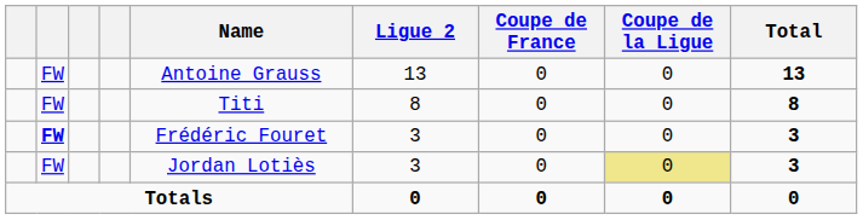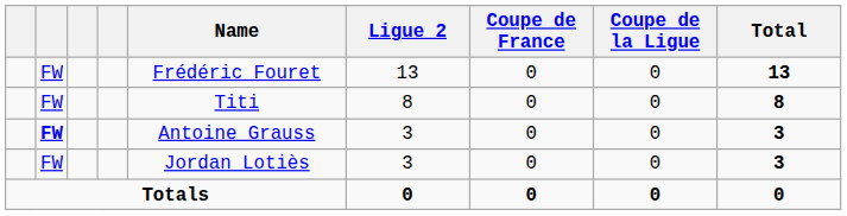 <table class="wikitable" style="text-align:center">
 <tr>
 <th width=15></th>
 <th width=15></th>
 <th width=15></th>
 <th width=15></th>
 <th width=145>Name</th>
 <th width=80><strong><a href='#'>Ligue 2</a></strong></th>
 <th width=80><strong><a href='#'>Coupe de France</a></strong></th>
 <th width=80><strong><a href='#'>Coupe de la Ligue</a></strong></th>
 <th width=80>Total</th>
 </tr>
 <tr>
 <td rowspan=1></td>
 <td align=center><a href='#'>FW</a></td>
 <td align=center></td>
 <td></td>
-<td><a href='#'>Antoine Grauss</a></td>
+<td><a href='#'>Frédéric Fouret</a></td>
 <td>13</td>
 <td>0</td>
 <td>0</td>
 <td><strong>13</strong></td>
 </tr>
 <tr>
 <td rowspan=1></td>
 <td align=center><a href='#'>FW</a></td>
 <td align=center></td>
 <td></td>
 <td><a href='#'>Titi</a></td>
 <td>8</td>
 <td>0</td>
 <td>0</td>
 <td><strong>8</strong></td>
 </tr>
 <tr>
 <td rowspan=1></td>
 <td align=center><strong><a href='#'>FW</a></strong></td>
 <td align=center></td>
 <td></td>
-<td><a href='#'>Frédéric Fouret</a></td>
+<td><a href='#'>Antoine Grauss</a></td>
 <td>3</td>
 <td>0</td>
 <td>0</td>
 <td><strong>3</strong></td>
 </tr>
 <tr>
 <td rowspan=1></td>
 <td align=center><a href='#'>FW</a></td>
 <td align=center></td>
 <td></td>
 <td><a href='#'>Jordan Lotiès</a></td>
 <td>3</td>
 <td>0</td>
-<td style="background: khaki;">0</td>
+<td>0</td>
 <td><strong>3</strong></td>
 </tr>
 <tr>
 <td colspan=5><strong>Totals</strong></td>
 <td><strong>0</strong></td>
 <td><strong>0</strong></td>
 <td><strong>0</strong></td>
 <td><strong>0</strong></td>
 </tr>
 </table>
